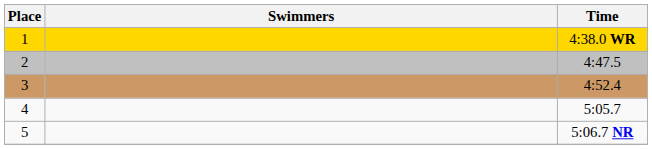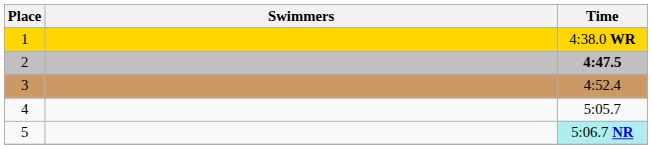 <table class=wikitable style="text-align:center">
 <tr>
 <th>Place</th>
 <th width=550>Swimmers</th>
 <th width=90>Time</th>
 </tr>
 <tr bgcolor=gold>
 <td>1</td>
 <td align=left></td>
 <td>4:38.0 <strong>WR</strong></td>
 </tr>
 <tr bgcolor=silver>
 <td>2</td>
 <td align=left></td>
-<td>4:47.5</td>
+<td><strong>4:47.5</strong></td>
 </tr>
 <tr bgcolor=cc9966>
 <td>3</td>
 <td align=left></td>
 <td>4:52.4</td>
 </tr>
 <tr>
 <td>4</td>
 <td align=left></td>
 <td>5:05.7</td>
 </tr>
 <tr>
 <td>5</td>
 <td align=left></td>
-<td>5:06.7 <strong><a href='#'>NR</a></strong></td>
+<td style="background: paleturquoise;">5:06.7 <strong><a href='#'>NR</a></strong></td>
 </tr>
 <tr>
 </tr>
 </table>
